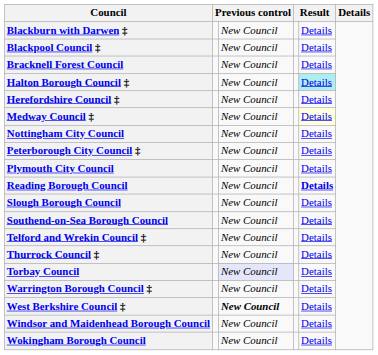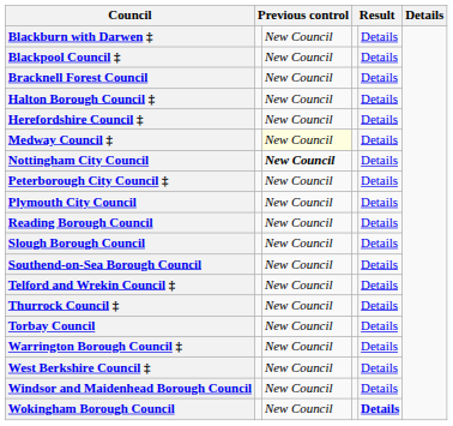 <table class="wikitable sortable" border="1">
 <tr>
 <th scope="col">Council</th>
 <th colspan=2>Previous control</th>
 <th colspan=2>Result</th>
 <th class="unsortable" scope="col">Details</th>
 </tr>
 <tr>
 <th scope="row" style="text-align: left;"><a href='#'>Blackburn with Darwen</a> ‡</th>
 <td></td>
 <td><em>New Council</em></td>
 <td></td>
 <td><a href='#'>Details</a></td>
 </tr>
 <tr>
 <th scope="row" style="text-align: left;"><a href='#'>Blackpool Council</a> ‡</th>
 <td></td>
 <td><em>New Council</em></td>
 <td></td>
 <td><a href='#'>Details</a></td>
 </tr>
 <tr>
 <th scope="row" style="text-align: left;"><a href='#'>Bracknell Forest Council</a></th>
 <td></td>
 <td><em>New Council</em></td>
 <td></td>
 <td><a href='#'>Details</a></td>
 </tr>
 <tr>
 <th scope="row" style="text-align: left;"><a href='#'>Halton Borough Council</a> ‡</th>
 <td></td>
 <td><em>New Council</em></td>
 <td></td>
-<td style="background: paleturquoise;"><a href='#'>Details</a></td>
+<td><a href='#'>Details</a></td>
 </tr>
 <tr>
 <th scope="row" style="text-align: left;"><a href='#'>Herefordshire Council</a> ‡</th>
 <td></td>
 <td><em>New Council</em></td>
 <td></td>
 <td><a href='#'>Details</a></td>
 </tr>
 <tr>
 <th scope="row" style="text-align: left;"><a href='#'>Medway Council</a> ‡</th>
 <td></td>
-<td><em>New Council</em></td>
+<td style="background: lightyellow;"><em>New Council</em></td>
 <td></td>
-<td style="background: lightyellow;"><a href='#'>Details</a></td>
+<td><a href='#'>Details</a></td>
 </tr>
 <tr>
 <th scope="row" style="text-align: left;"><a href='#'>Nottingham City Council</a></th>
 <td></td>
-<td><em>New Council</em></td>
+<td><strong><em>New Council</em></strong></td>
 <td></td>
 <td><a href='#'>Details</a></td>
 </tr>
 <tr>
 <th scope="row" style="text-align: left;"><a href='#'>Peterborough City Council</a> ‡</th>
 <td></td>
 <td><em>New Council</em></td>
 <td></td>
 <td><a href='#'>Details</a></td>
 </tr>
 <tr>
 <th scope="row" style="text-align: left;"><a href='#'>Plymouth City Council</a></th>
 <td></td>
 <td><em>New Council</em></td>
 <td></td>
 <td><a href='#'>Details</a></td>
 </tr>
 <tr>
 <th scope="row" style="text-align: left;"><a href='#'>Reading Borough Council</a></th>
 <td></td>
 <td><em>New Council</em></td>
 <td></td>
-<td><strong><a href='#'>Details</a></strong></td>
+<td><a href='#'>Details</a></td>
 </tr>
 <tr>
 <th scope="row" style="text-align: left;"><a href='#'>Slough Borough Council</a></th>
 <td></td>
 <td><em>New Council</em></td>
 <td></td>
 <td><a href='#'>Details</a></td>
 </tr>
 <tr>
 <th scope="row" style="text-align: left;"><a href='#'>Southend-on-Sea Borough Council</a></th>
 <td></td>
 <td><em>New Council</em></td>
 <td></td>
 <td><a href='#'>Details</a></td>
 </tr>
 <tr>
 <th scope="row" style="text-align: left;"><a href='#'>Telford and Wrekin Council</a> ‡</th>
 <td></td>
 <td><em>New Council</em></td>
 <td></td>
 <td><a href='#'>Details</a></td>
 </tr>
 <tr>
 <th scope="row" style="text-align: left;"><a href='#'>Thurrock Council</a> ‡</th>
 <td></td>
 <td><em>New Council</em></td>
 <td></td>
 <td><a href='#'>Details</a></td>
 </tr>
 <tr>
 <th scope="row" style="text-align: left;"><a href='#'>Torbay Council</a></th>
 <td></td>
-<td style="background: lavender;"><em>New Council</em></td>
+<td><em>New Council</em></td>
 <td></td>
 <td><a href='#'>Details</a></td>
 </tr>
 <tr>
 <th scope="row" style="text-align: left;"><a href='#'>Warrington Borough Council</a> ‡</th>
 <td></td>
 <td><em>New Council</em></td>
 <td></td>
 <td><a href='#'>Details</a></td>
 </tr>
 <tr>
 <th scope="row" style="text-align: left;"><a href='#'>West Berkshire Council</a> ‡</th>
 <td></td>
-<td><strong><em>New Council</em></strong></td>
+<td><em>New Council</em></td>
 <td></td>
 <td><a href='#'>Details</a></td>
 </tr>
 <tr>
 <th scope="row" style="text-align: left;"><a href='#'>Windsor and Maidenhead Borough Council</a></th>
 <td></td>
 <td><em>New Council</em></td>
 <td></td>
 <td><a href='#'>Details</a></td>
 </tr>
 <tr>
 <th scope="row" style="text-align: left;"><a href='#'>Wokingham Borough Council</a></th>
 <td></td>
 <td><em>New Council</em></td>
 <td></td>
-<td><a href='#'>Details</a></td>
+<td><strong><a href='#'>Details</a></strong></td>
 </tr>
 </table>
